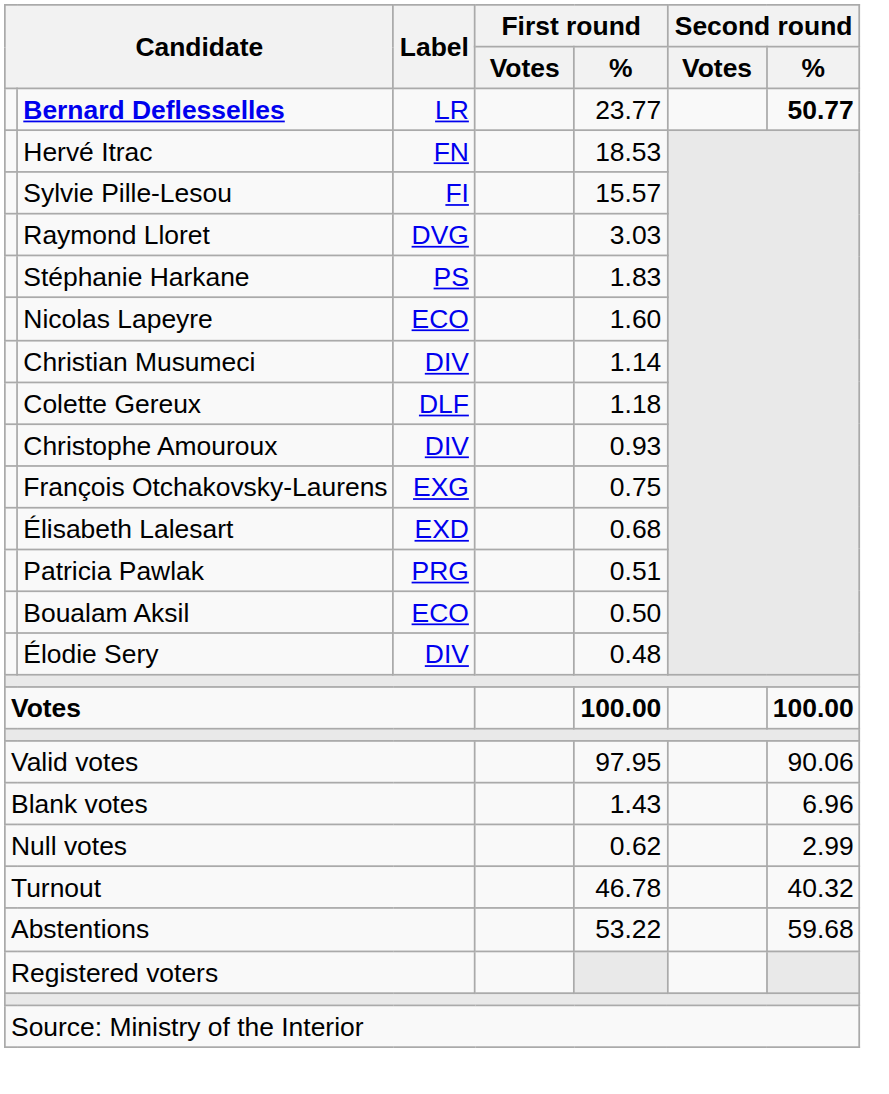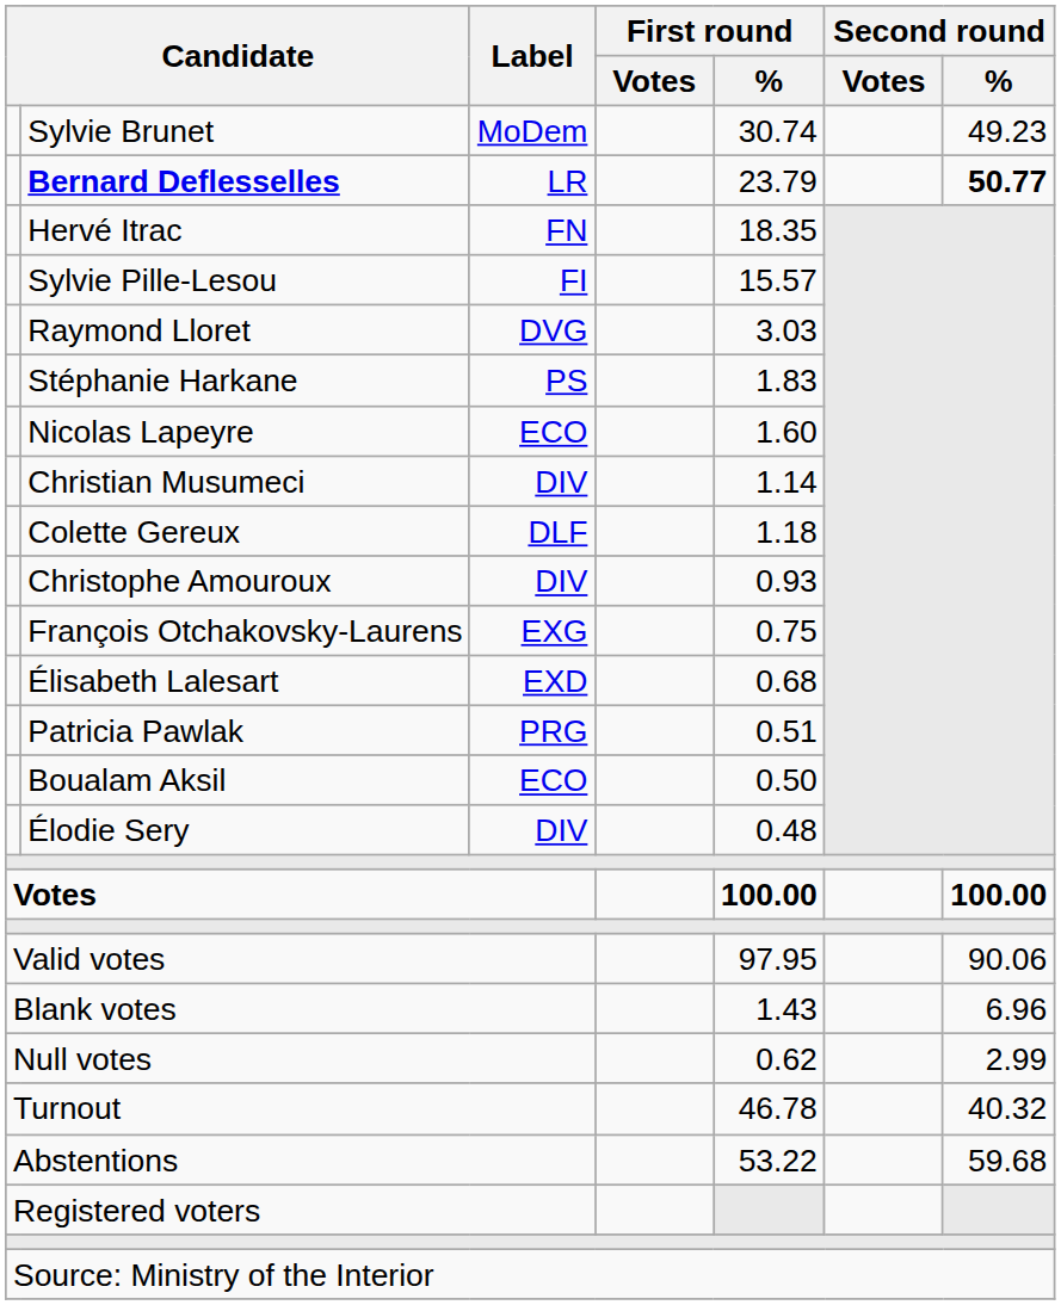 <table class="wikitable" style="text-align:right;font-size:95%;">
 <tr>
 <th rowspan="2" colspan="2">Candidate</th>
 <th rowspan="2">Label</th>
 <th colspan="2">First round</th>
 <th colspan="2">Second round</th>
 </tr>
 <tr>
 <th style="width:50px;">Votes</th>
 <th style="width:45px;">%</th>
 <th style="width:50px;">Votes</th>
 <th style="width:45px;">%</th>
 </tr>
 <tr>
 <td style="color:inherit;background:"></td>
+<td style="text-align:left;">Sylvie Brunet</td>
+<td><a href='#'>MoDem</a></td>
+<td></td>
+<td>30.74</td>
+<td></td>
+<td>49.23</td>
+</tr>
+<tr>
+<td style="color:inherit;background:"></td>
 <td style="text-align:left;"><strong><a href='#'>Bernard Deflesselles</a></strong></td>
 <td><a href='#'>LR</a></td>
 <td></td>
-<td>23.77</td>
+<td>23.79</td>
 <td><strong></strong></td>
 <td><strong>50.77</strong></td>
 </tr>
 <tr>
 <td style="color:inherit;background:"></td>
 <td style="text-align:left;">Hervé Itrac</td>
 <td><a href='#'>FN</a></td>
 <td></td>
-<td>18.53</td>
+<td>18.35</td>
 <td colspan="2" rowspan="13" style="background:#E9E9E9;"></td>
 </tr>
 <tr>
 <td style="color:inherit;background:"></td>
 <td style="text-align:left;">Sylvie Pille-Lesou</td>
 <td><a href='#'>FI</a></td>
 <td></td>
 <td>15.57</td>
 </tr>
 <tr>
 <td style="color:inherit;background:"></td>
 <td style="text-align:left;">Raymond Lloret</td>
 <td><a href='#'>DVG</a></td>
 <td></td>
 <td>3.03</td>
 </tr>
 <tr>
 <td style="color:inherit;background:"></td>
 <td style="text-align:left;">Stéphanie Harkane</td>
 <td><a href='#'>PS</a></td>
 <td></td>
 <td>1.83</td>
 </tr>
 <tr>
 <td style="color:inherit;background:"></td>
 <td style="text-align:left;">Nicolas Lapeyre</td>
 <td><a href='#'>ECO</a></td>
 <td></td>
 <td>1.60</td>
 </tr>
 <tr>
 <td style="color:inherit;background:"></td>
 <td style="text-align:left;">Christian Musumeci</td>
 <td><a href='#'>DIV</a></td>
 <td></td>
 <td>1.14</td>
 </tr>
 <tr>
 <td style="color:inherit;background:"></td>
 <td style="text-align:left;">Colette Gereux</td>
 <td><a href='#'>DLF</a></td>
 <td></td>
 <td>1.18</td>
 </tr>
 <tr>
 <td style="color:inherit;background:"></td>
 <td style="text-align:left;">Christophe Amouroux</td>
 <td><a href='#'>DIV</a></td>
 <td></td>
 <td>0.93</td>
 </tr>
 <tr>
 <td style="color:inherit;background:"></td>
 <td style="text-align:left;">François Otchakovsky-Laurens</td>
 <td><a href='#'>EXG</a></td>
 <td></td>
 <td>0.75</td>
 </tr>
 <tr>
 <td style="color:inherit;background:"></td>
 <td style="text-align:left;">Élisabeth Lalesart</td>
 <td><a href='#'>EXD</a></td>
 <td></td>
 <td>0.68</td>
 </tr>
 <tr>
 <td style="color:inherit;background:"></td>
 <td style="text-align:left;">Patricia Pawlak</td>
 <td><a href='#'>PRG</a></td>
 <td></td>
 <td>0.51</td>
 </tr>
 <tr>
 <td style="color:inherit;background:"></td>
 <td style="text-align:left;">Boualam Aksil</td>
 <td><a href='#'>ECO</a></td>
 <td></td>
 <td>0.50</td>
 </tr>
 <tr>
 <td style="color:inherit;background:"></td>
 <td style="text-align:left;">Élodie Sery</td>
 <td><a href='#'>DIV</a></td>
 <td></td>
 <td>0.48</td>
 </tr>
 <tr>
 <td colspan="7" style="background:#E9E9E9;"></td>
 </tr>
 <tr style="font-weight:bold;">
 <td colspan="3" style="text-align:left;">Votes</td>
 <td></td>
 <td>100.00</td>
 <td></td>
 <td>100.00</td>
 </tr>
 <tr>
 <td colspan="7" style="background:#E9E9E9;"></td>
 </tr>
 <tr>
 <td colspan="3" style="text-align:left;">Valid votes</td>
 <td></td>
 <td>97.95</td>
 <td></td>
 <td>90.06</td>
 </tr>
 <tr>
 <td colspan="3" style="text-align:left;">Blank votes</td>
 <td></td>
 <td>1.43</td>
 <td></td>
 <td>6.96</td>
 </tr>
 <tr>
 <td colspan="3" style="text-align:left;">Null votes</td>
 <td></td>
 <td>0.62</td>
 <td></td>
 <td>2.99</td>
 </tr>
 <tr>
 <td colspan="3" style="text-align:left;">Turnout</td>
 <td></td>
 <td>46.78</td>
 <td></td>
 <td>40.32</td>
 </tr>
 <tr>
 <td colspan="3" style="text-align:left;">Abstentions</td>
 <td></td>
 <td>53.22</td>
 <td></td>
 <td>59.68</td>
 </tr>
 <tr>
 <td colspan="3" style="text-align:left;">Registered voters</td>
 <td></td>
 <td style="background:#E9E9E9;"></td>
 <td></td>
 <td style="background:#E9E9E9;"></td>
 </tr>
 <tr>
 <td colspan="7" style="background:#E9E9E9;"></td>
 </tr>
 <tr>
 <td colspan="7" style="text-align:left;">Source: Ministry of the Interior</td>
 </tr>
 </table>
